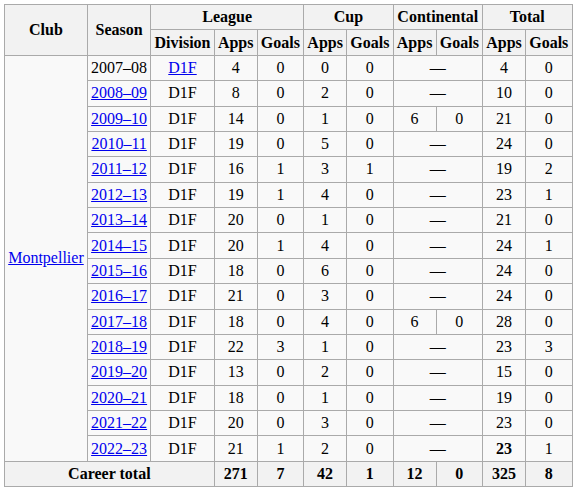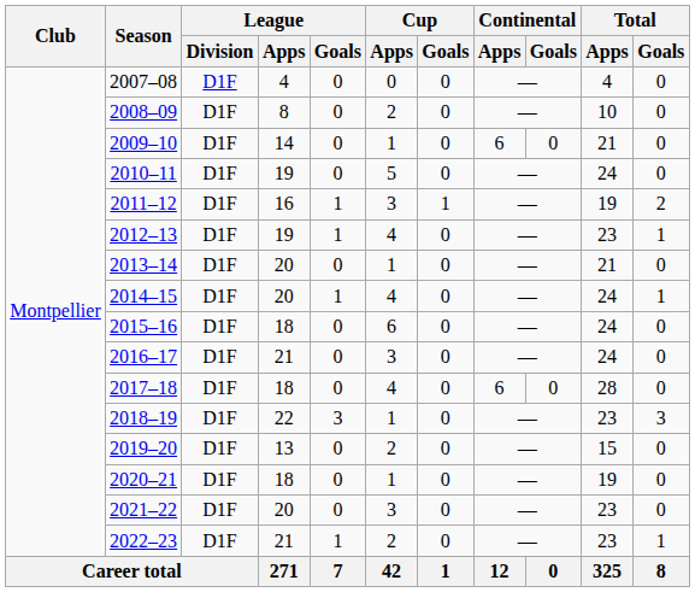 <table class="wikitable" style="text-align:center">
 <tr>
 <th rowspan="2">Club</th>
 <th rowspan="2">Season</th>
 <th colspan="3">League</th>
 <th colspan="2">Cup</th>
 <th colspan="2">Continental</th>
 <th colspan="2">Total</th>
 </tr>
 <tr>
 <th>Division</th>
 <th>Apps</th>
 <th>Goals</th>
 <th>Apps</th>
 <th>Goals</th>
 <th>Apps</th>
 <th>Goals</th>
 <th>Apps</th>
 <th>Goals</th>
 </tr>
 <tr>
 <td rowspan="16"><a href='#'>Montpellier</a></td>
 <td>2007–08</td>
 <td><a href='#'>D1F</a></td>
 <td>4</td>
 <td>0</td>
 <td>0</td>
 <td>0</td>
 <td colspan="2">—</td>
 <td>4</td>
 <td>0</td>
 </tr>
 <tr>
 <td><a href='#'>2008–09</a></td>
 <td>D1F</td>
 <td>8</td>
 <td>0</td>
 <td>2</td>
 <td>0</td>
 <td colspan="2">—</td>
 <td>10</td>
 <td>0</td>
 </tr>
 <tr>
 <td><a href='#'>2009–10</a></td>
 <td>D1F</td>
 <td>14</td>
 <td>0</td>
 <td>1</td>
 <td>0</td>
 <td>6</td>
 <td>0</td>
 <td>21</td>
 <td>0</td>
 </tr>
 <tr>
 <td><a href='#'>2010–11</a></td>
 <td>D1F</td>
 <td>19</td>
 <td>0</td>
 <td>5</td>
 <td>0</td>
 <td colspan="2">—</td>
 <td>24</td>
 <td>0</td>
 </tr>
 <tr>
 <td><a href='#'>2011–12</a></td>
 <td>D1F</td>
 <td>16</td>
 <td>1</td>
 <td>3</td>
 <td>1</td>
 <td colspan="2">—</td>
 <td>19</td>
 <td>2</td>
 </tr>
 <tr>
 <td><a href='#'>2012–13</a></td>
 <td>D1F</td>
 <td>19</td>
 <td>1</td>
 <td>4</td>
 <td>0</td>
 <td colspan="2">—</td>
 <td>23</td>
 <td>1</td>
 </tr>
 <tr>
 <td><a href='#'>2013–14</a></td>
 <td>D1F</td>
 <td>20</td>
 <td>0</td>
 <td>1</td>
 <td>0</td>
 <td colspan="2">—</td>
 <td>21</td>
 <td>0</td>
 </tr>
 <tr>
 <td><a href='#'>2014–15</a></td>
 <td>D1F</td>
 <td>20</td>
 <td>1</td>
 <td>4</td>
 <td>0</td>
 <td colspan="2">—</td>
 <td>24</td>
 <td>1</td>
 </tr>
 <tr>
 <td><a href='#'>2015–16</a></td>
 <td>D1F</td>
 <td>18</td>
 <td>0</td>
 <td>6</td>
 <td>0</td>
 <td colspan="2">—</td>
 <td>24</td>
 <td>0</td>
 </tr>
 <tr>
 <td><a href='#'>2016–17</a></td>
 <td>D1F</td>
 <td>21</td>
 <td>0</td>
 <td>3</td>
 <td>0</td>
 <td colspan="2">—</td>
 <td>24</td>
 <td>0</td>
 </tr>
 <tr>
 <td><a href='#'>2017–18</a></td>
 <td>D1F</td>
 <td>18</td>
 <td>0</td>
 <td>4</td>
 <td>0</td>
 <td>6</td>
 <td>0</td>
 <td>28</td>
 <td>0</td>
 </tr>
 <tr>
 <td><a href='#'>2018–19</a></td>
 <td>D1F</td>
 <td>22</td>
 <td>3</td>
 <td>1</td>
 <td>0</td>
 <td colspan="2">—</td>
 <td>23</td>
 <td>3</td>
 </tr>
 <tr>
 <td><a href='#'>2019–20</a></td>
 <td>D1F</td>
 <td>13</td>
 <td>0</td>
 <td>2</td>
 <td>0</td>
 <td colspan="2">—</td>
 <td>15</td>
 <td>0</td>
 </tr>
 <tr>
 <td><a href='#'>2020–21</a></td>
 <td>D1F</td>
 <td>18</td>
 <td>0</td>
 <td>1</td>
 <td>0</td>
 <td colspan="2">—</td>
 <td>19</td>
 <td>0</td>
 </tr>
 <tr>
 <td><a href='#'>2021–22</a></td>
 <td>D1F</td>
 <td>20</td>
 <td>0</td>
 <td>3</td>
 <td>0</td>
 <td colspan="2">—</td>
 <td>23</td>
 <td>0</td>
 </tr>
 <tr>
 <td><a href='#'>2022–23</a></td>
 <td>D1F</td>
 <td>21</td>
 <td>1</td>
 <td>2</td>
 <td>0</td>
 <td colspan="2">—</td>
-<td><strong>23</strong></td>
+<td>23</td>
 <td>1</td>
 </tr>
 <tr>
 <th colspan="3">Career total</th>
 <th>271</th>
 <th>7</th>
 <th>42</th>
 <th>1</th>
 <th>12</th>
 <th>0</th>
 <th>325</th>
 <th>8</th>
 </tr>
 </table>
